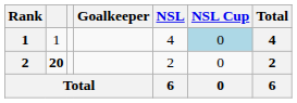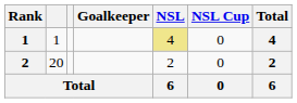 <table class="wikitable sortable" style="text-align:center">
 <tr>
 <th>Rank</th>
 <th></th>
 <th></th>
 <th>Goalkeeper</th>
 <th><a href='#'>NSL</a></th>
 <th><a href='#'>NSL Cup</a></th>
 <th>Total</th>
 </tr>
 <tr>
 <th>1</th>
 <td>1</td>
 <td></td>
 <td align="left"></td>
-<td>4</td>
-<td style="background: lightblue;">0</td>
+<td style="background: khaki;">4</td>
+<td>0</td>
 <th>4</th>
 </tr>
 <tr>
 <th>2</th>
-<td><strong>20</strong></td>
+<td>20</td>
 <td></td>
 <td align="left"></td>
 <td>2</td>
 <td>0</td>
 <th>2</th>
 </tr>
 <tr>
 <th colspan="4">Total</th>
 <th>6</th>
 <th>0</th>
 <th>6</th>
 </tr>
 </table>
